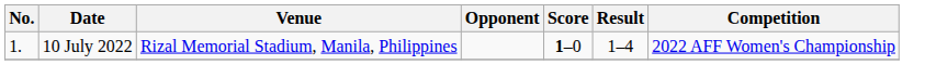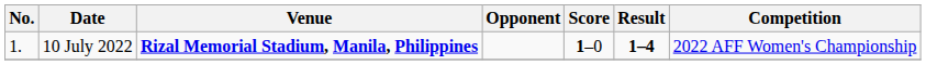 <table class="wikitable">
 <tr>
 <th>No.</th>
 <th>Date</th>
 <th>Venue</th>
 <th>Opponent</th>
 <th>Score</th>
 <th>Result</th>
 <th>Competition</th>
 </tr>
 <tr>
 <td>1.</td>
 <td>10 July 2022</td>
-<td><a href='#'>Rizal Memorial Stadium</a>, <a href='#'>Manila</a>, <a href='#'>Philippines</a></td>
+<td><strong><a href='#'>Rizal Memorial Stadium</a>, <a href='#'>Manila</a>, <a href='#'>Philippines</a></strong></td>
 <td></td>
 <td align=center><strong>1</strong>–0</td>
-<td align=center>1–4</td>
+<td align=center><strong>1–4</strong></td>
 <td><a href='#'>2022 AFF Women's Championship</a></td>
 </tr>
 <tr>
 </tr>
 </table>
